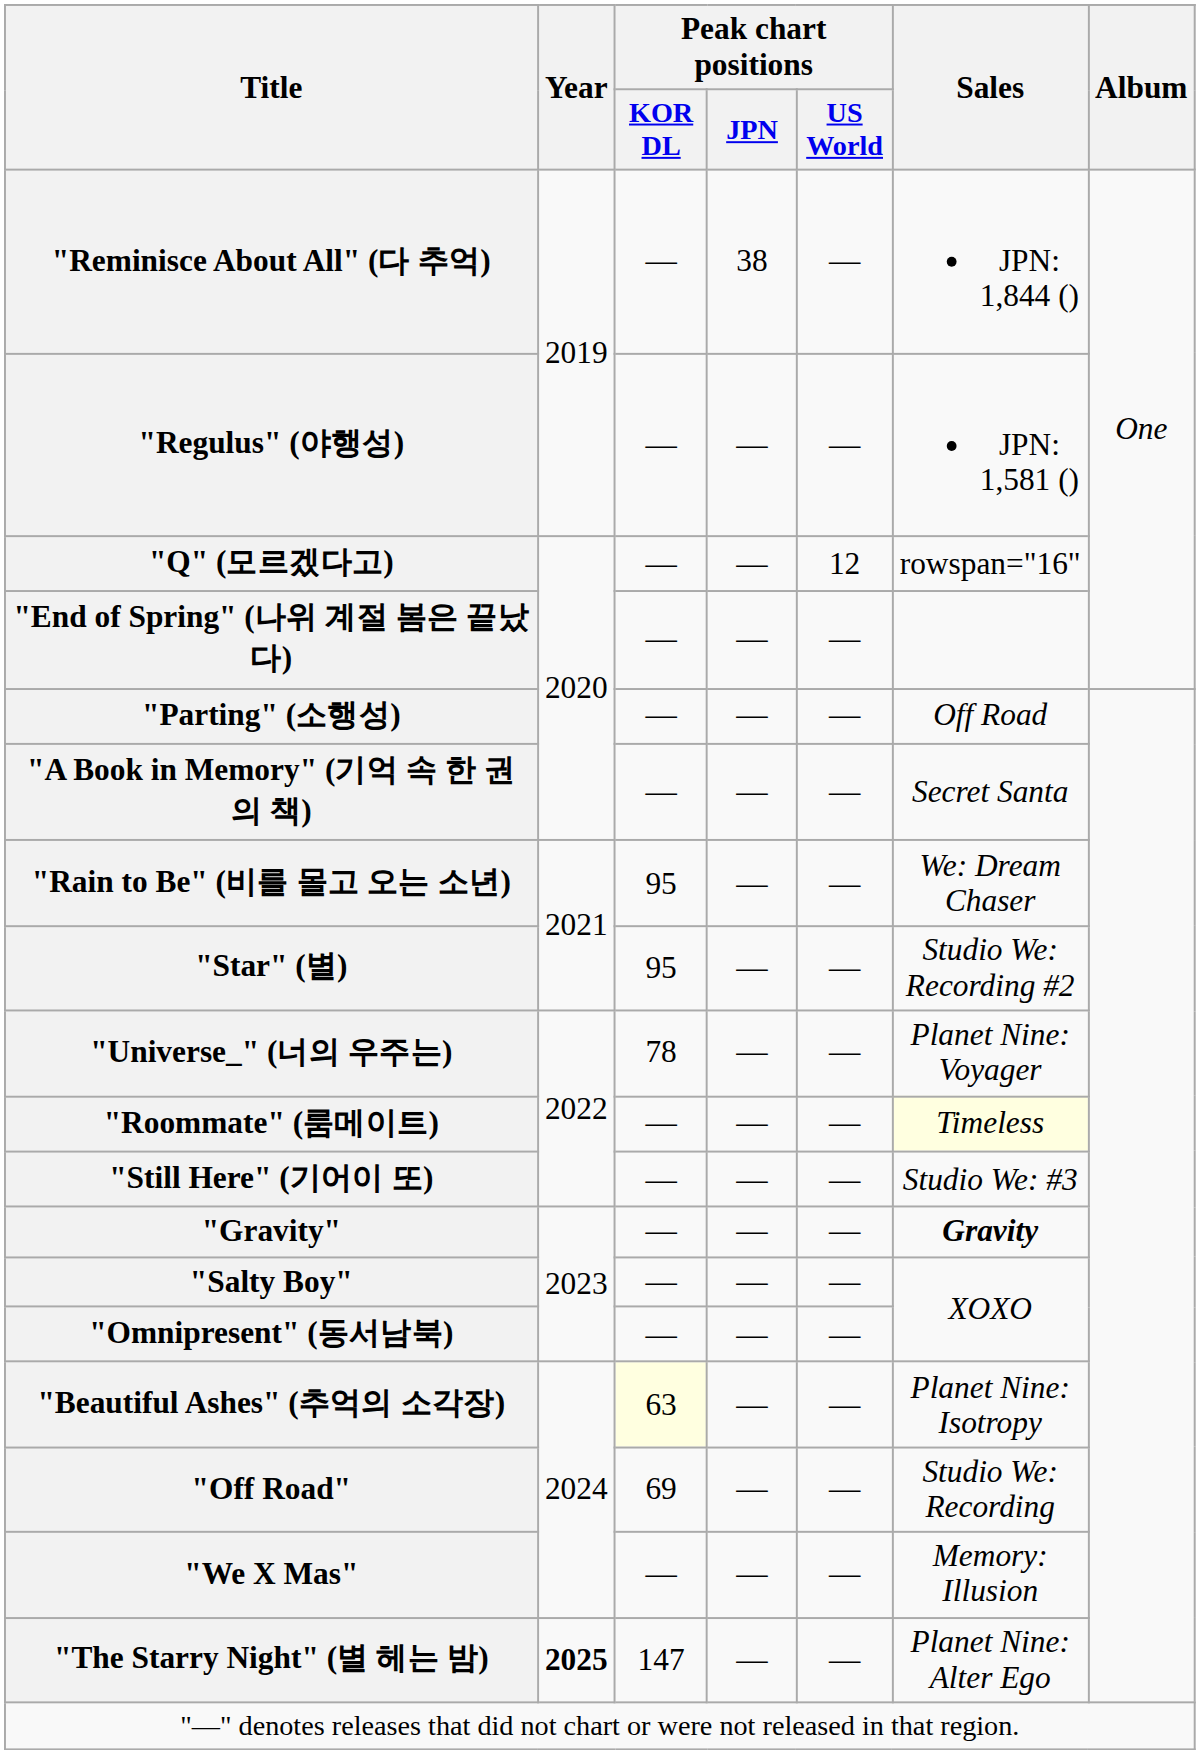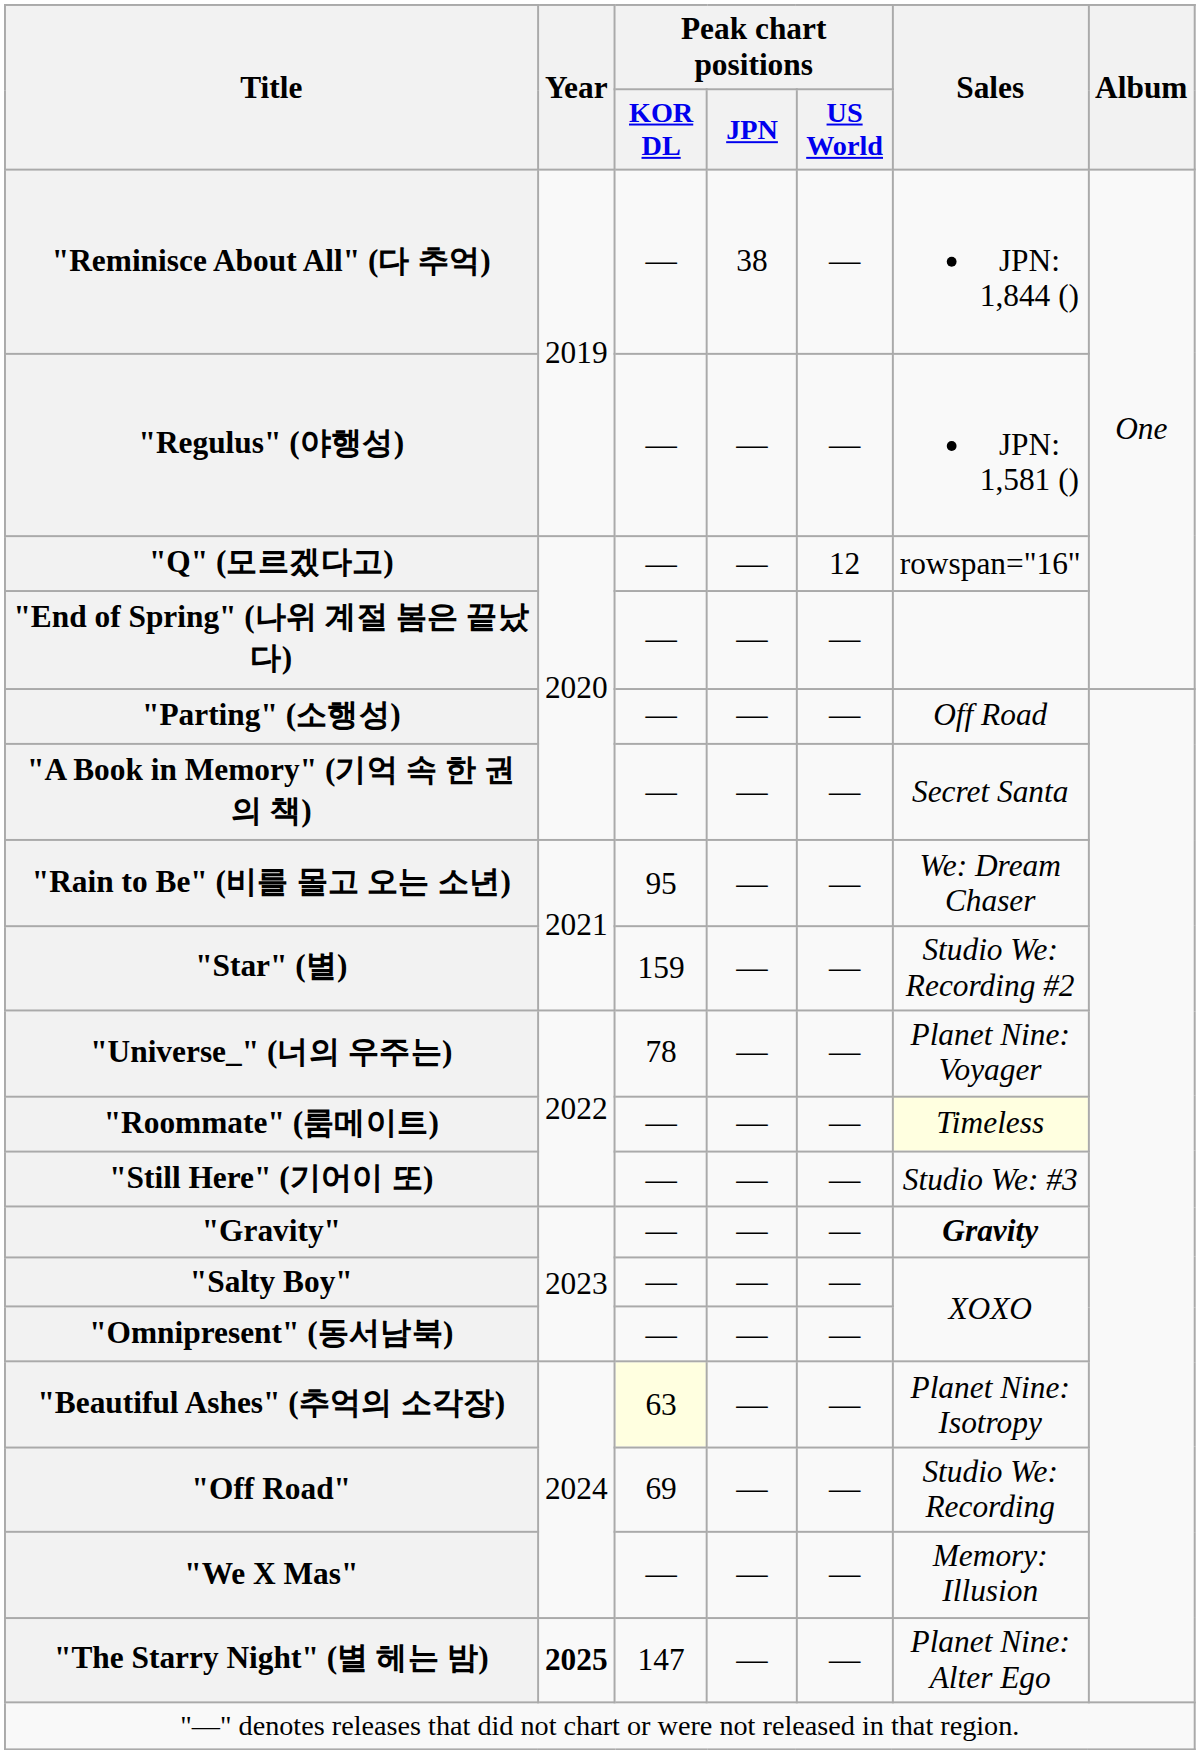 <table class="wikitable plainrowheaders" style="text-align:center;" border="1">
 <tr>
 <th scope="col" rowspan="2" style="width:20em;">Title</th>
 <th scope="col" rowspan="2">Year</th>
 <th scope="col" colspan="3">Peak chart positions</th>
 <th scope="col" rowspan="2">Sales</th>
 <th scope="col" rowspan="2">Album</th>
 </tr>
 <tr>
 <th scope="col" style="width:3em;font-size:90%;"><a href='#'>KOR<br>DL</a><br></th>
 <th scope="col" style="width:3em;font-size:90%;"><a href='#'>JPN</a><br></th>
 <th scope="col" style="width:3em;font-size:90%;"><a href='#'>US<br>World</a><br></th>
 </tr>
 <tr>
 <th scope=row>"Reminisce About All" (다 추억)</th>
 <td rowspan="2">2019</td>
 <td>—</td>
 <td>38</td>
 <td>—</td>
 <td><br><ul><li>JPN: 1,844 ()</li></ul></td>
 <td rowspan="4"><em>One</em></td>
 </tr>
 <tr>
 <th scope=row>"Regulus" (야행성)</th>
 <td>—</td>
 <td>—</td>
 <td>—</td>
 <td><br><ul><li>JPN: 1,581 ()</li></ul></td>
 </tr>
 <tr>
 <th scope=row>"Q" (모르겠다고)<br></th>
 <td rowspan="4">2020</td>
 <td>—</td>
 <td>—</td>
 <td>12</td>
 <td>rowspan="16" </td>
 </tr>
 <tr>
 <th scope=row>"End of Spring" (나위 계절 봄은 끝났다)</th>
 <td>—</td>
 <td>—</td>
 <td>—</td>
 </tr>
 <tr>
 <th scope=row>"Parting" (소행성)</th>
 <td>—</td>
 <td>—</td>
 <td>—</td>
 <td><em>Off Road</em></td>
 </tr>
 <tr>
 <th scope=row>"A Book in Memory" (기억 속 한 권의 책)</th>
 <td>—</td>
 <td>—</td>
 <td>—</td>
 <td><em>Secret Santa</em></td>
 </tr>
 <tr>
 <th scope=row>"Rain to Be" (비를 몰고 오는 소년)</th>
 <td rowspan="2">2021</td>
 <td>95</td>
 <td>—</td>
 <td>—</td>
 <td><em>We: Dream Chaser</em></td>
 </tr>
 <tr>
 <th scope=row>"Star" (별)</th>
-<td>95</td>
+<td>159</td>
 <td>—</td>
 <td>—</td>
 <td><em>Studio We: Recording #2</em></td>
 </tr>
 <tr>
 <th scope=row>"Universe_" (너의 우주는)</th>
 <td rowspan="3">2022</td>
 <td>78</td>
 <td>—</td>
 <td>—</td>
 <td><em>Planet Nine: Voyager</em></td>
 </tr>
 <tr>
 <th scope=row>"Roommate" (룸메이트)</th>
 <td>—</td>
 <td>—</td>
 <td>—</td>
 <td style="background: lightyellow;"><em>Timeless</em></td>
 </tr>
 <tr>
 <th scope=row>"Still Here" (기어이 또)</th>
 <td>—</td>
 <td>—</td>
 <td>—</td>
 <td><em>Studio We: #3</em></td>
 </tr>
 <tr>
 <th scope=row>"Gravity"</th>
 <td rowspan="3">2023</td>
 <td>—</td>
 <td>—</td>
 <td>—</td>
 <td><strong><em>Gravity</em></strong></td>
 </tr>
 <tr>
 <th scope=row>"Salty Boy"</th>
 <td>—</td>
 <td>—</td>
 <td>—</td>
 <td rowspan="2"><em>XOXO</em></td>
 </tr>
 <tr>
 <th scope=row>"Omnipresent" (동서남북)</th>
 <td>—</td>
 <td>—</td>
 <td>—</td>
 </tr>
 <tr>
 <th scope="row">"Beautiful Ashes" (추억의 소각장)</th>
 <td rowspan="3">2024</td>
 <td style="background: lightyellow;">63</td>
 <td>—</td>
 <td>—</td>
 <td><em>Planet Nine: Isotropy</em></td>
 </tr>
 <tr>
 <th scope="row">"Off Road"</th>
 <td>69</td>
 <td>—</td>
 <td>—</td>
 <td><em>Studio We: Recording</em></td>
 </tr>
 <tr>
 <th scope="row">"We X Mas"</th>
 <td>—</td>
 <td>—</td>
 <td>—</td>
 <td><em>Memory: Illusion</em></td>
 </tr>
 <tr>
 <th scope="row">"The Starry Night" (별 헤는 밤)</th>
 <td><strong>2025</strong></td>
 <td>147</td>
 <td>—</td>
 <td>—</td>
 <td><em>Planet Nine: Alter Ego</em></td>
 </tr>
 <tr>
 <td colspan="7" style="font-size:90%">"—" denotes releases that did not chart or were not released in that region.</td>
 </tr>
 </table>
